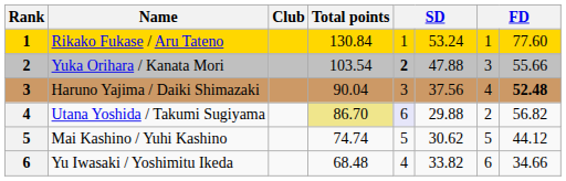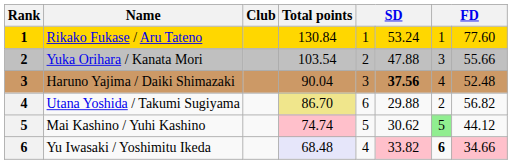 <table class="wikitable sortable">
 <tr>
 <th>Rank</th>
 <th>Name</th>
 <th>Club</th>
 <th>Total points</th>
 <th colspan="2" width="80px"><a href='#'>SD</a></th>
 <th colspan="2" width="80px"><a href='#'>FD</a></th>
 </tr>
 <tr bgcolor="gold">
 <td align="center"><strong>1</strong></td>
 <td><a href='#'>Rikako Fukase</a> / <a href='#'>Aru Tateno</a></td>
 <td></td>
 <td align="center">130.84</td>
 <td align="center">1</td>
 <td align="center">53.24</td>
 <td align="center">1</td>
 <td align="center">77.60</td>
 </tr>
 <tr bgcolor="silver">
 <td align="center"><strong>2</strong></td>
 <td><a href='#'>Yuka Orihara</a> / Kanata Mori</td>
 <td></td>
 <td align="center">103.54</td>
-<td align="center"><strong>2</strong></td>
+<td align="center">2</td>
 <td align="center">47.88</td>
 <td align="center">3</td>
 <td align="center">55.66</td>
 </tr>
 <tr bgcolor="cc9966">
 <td align="center"><strong>3</strong></td>
 <td>Haruno Yajima / Daiki Shimazaki</td>
 <td></td>
 <td align="center">90.04</td>
 <td align="center">3</td>
-<td align="center">37.56</td>
+<td align="center"><strong>37.56</strong></td>
 <td align="center">4</td>
-<td align="center"><strong>52.48</strong></td>
+<td align="center">52.48</td>
 </tr>
 <tr>
 <th>4</th>
 <td><a href='#'>Utana Yoshida</a> / Takumi Sugiyama</td>
 <td></td>
 <td align="center" style="background: khaki;">86.70</td>
-<td align="center" style="background: lavender;">6</td>
+<td align="center">6</td>
 <td align="center">29.88</td>
 <td align="center">2</td>
 <td align="center">56.82</td>
 </tr>
 <tr>
 <th>5</th>
 <td>Mai Kashino / Yuhi Kashino</td>
 <td></td>
-<td align="center">74.74</td>
+<td align="center" style="background: pink;">74.74</td>
 <td align="center">5</td>
 <td align="center">30.62</td>
-<td align="center">5</td>
+<td align="center" style="background: lightgreen;">5</td>
 <td align="center">44.12</td>
 </tr>
 <tr>
 <th>6</th>
 <td>Yu Iwasaki / Yoshimitu Ikeda</td>
 <td></td>
-<td align="center">68.48</td>
+<td align="center" style="background: lavender;">68.48</td>
 <td align="center">4</td>
-<td align="center">33.82</td>
-<td align="center">6</td>
-<td align="center">34.66</td>
+<td align="center" style="background: pink;">33.82</td>
+<td align="center"><strong>6</strong></td>
+<td align="center" style="background: pink;">34.66</td>
 </tr>
 </table>
